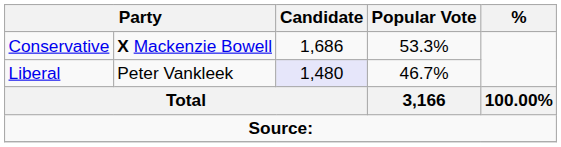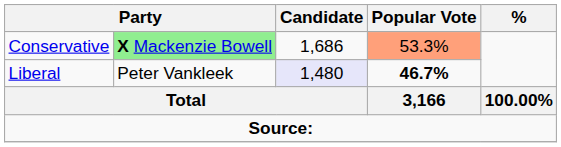 <table class="wikitable">
 <tr>
 <th colspan="2">Party</th>
 <th>Candidate</th>
 <th>Popular Vote</th>
 <th>%</th>
 </tr>
 <tr>
 <td><a href='#'>Conservative</a></td>
-<td> <strong>X</strong> <a href='#'>Mackenzie Bowell</a></td>
+<td style="background: lightgreen;"> <strong>X</strong> <a href='#'>Mackenzie Bowell</a></td>
 <td align=center>1,686</td>
-<td align=center>53.3%</td>
+<td align=center style="background: lightsalmon;">53.3%</td>
 </tr>
 <tr>
 <td><a href='#'>Liberal</a></td>
 <td>Peter Vankleek</td>
 <td align=center style="background: lavender;">1,480</td>
-<td align=center>46.7%</td>
+<td align=center><strong>46.7%</strong></td>
 </tr>
 <tr>
 <th colspan=3 align=center>Total</th>
 <th align=right>3,166</th>
 <th align=right>100.00%</th>
 </tr>
 <tr>
 <td align="center" colspan=5><strong>Source:</strong> </td>
 </tr>
 <tr>
 </tr>
 </table>
